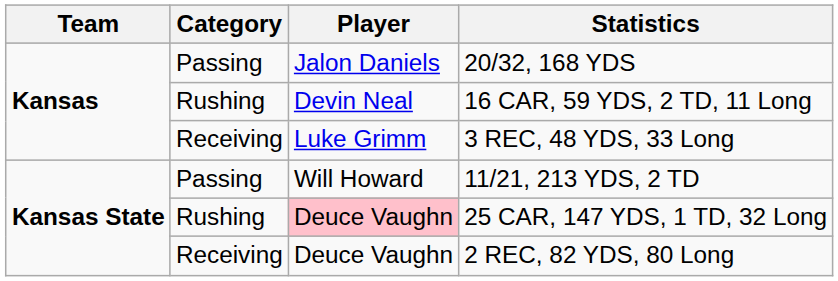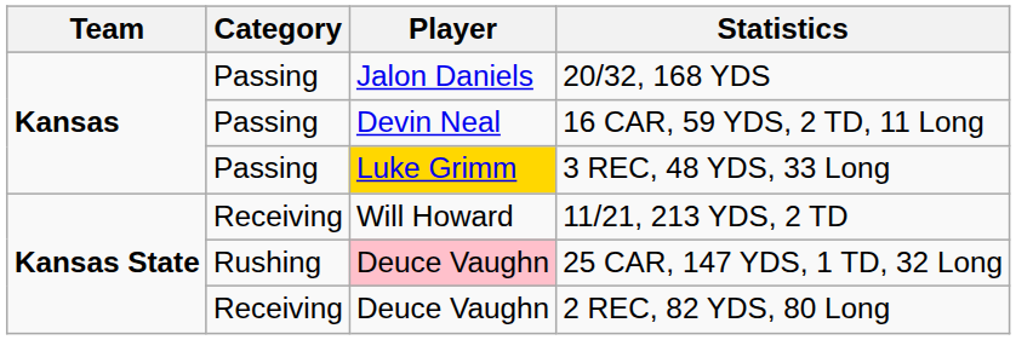 <table class="wikitable" style="float: right;">
 <tr>
 <th>Team</th>
 <th>Category</th>
 <th>Player</th>
 <th>Statistics</th>
 </tr>
 <tr>
 <td rowspan=3><strong>Kansas</strong></td>
 <td>Passing</td>
 <td><a href='#'>Jalon Daniels</a></td>
 <td>20/32, 168 YDS</td>
 </tr>
 <tr>
-<td>Rushing</td>
+<td>Passing</td>
 <td><a href='#'>Devin Neal</a></td>
 <td>16 CAR, 59 YDS, 2 TD, 11 Long</td>
 </tr>
 <tr>
-<td>Receiving</td>
-<td><a href='#'>Luke Grimm</a></td>
+<td>Passing</td>
+<td style="background: gold;"><a href='#'>Luke Grimm</a></td>
 <td>3 REC, 48 YDS, 33 Long</td>
 </tr>
 <tr>
 <td rowspan=3><strong>Kansas State</strong></td>
-<td>Passing</td>
+<td>Receiving</td>
 <td>Will Howard</td>
 <td>11/21, 213 YDS, 2 TD</td>
 </tr>
 <tr>
 <td>Rushing</td>
 <td style="background: pink;">Deuce Vaughn</td>
 <td>25 CAR, 147 YDS, 1 TD, 32 Long</td>
 </tr>
 <tr>
 <td>Receiving</td>
 <td>Deuce Vaughn</td>
 <td>2 REC, 82 YDS, 80 Long</td>
 </tr>
 </table>
